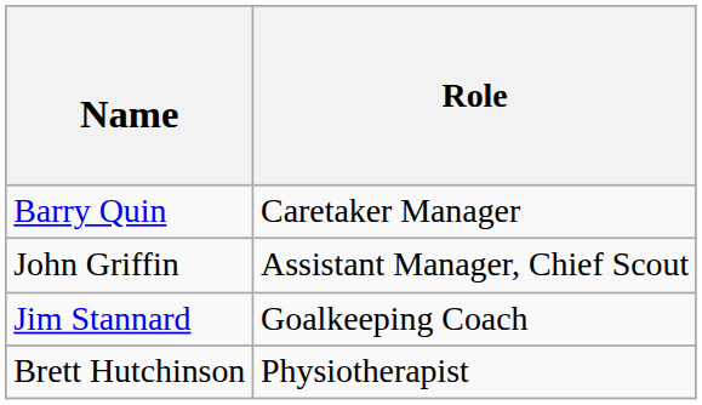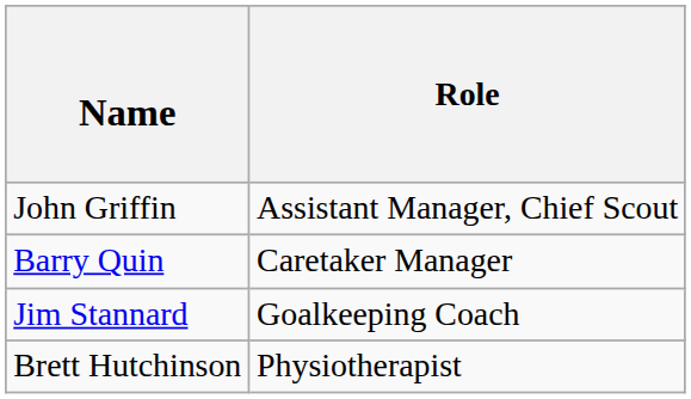 <table class="wikitable">
 <tr>
 <th><br><h3>Name</h3></th>
 <th>Role</th>
 </tr>
 <tr>
+<td> John Griffin</td>
+<td>Assistant Manager, Chief Scout</td>
+</tr>
+<tr>
 <td> <a href='#'>Barry Quin</a></td>
 <td>Caretaker Manager</td>
-</tr>
-<tr>
-<td> John Griffin</td>
-<td>Assistant Manager, Chief Scout</td>
 </tr>
 <tr>
 <td> <a href='#'>Jim Stannard</a></td>
 <td>Goalkeeping Coach</td>
 </tr>
 <tr>
 <td> Brett Hutchinson</td>
 <td>Physiotherapist</td>
 </tr>
 </table>
